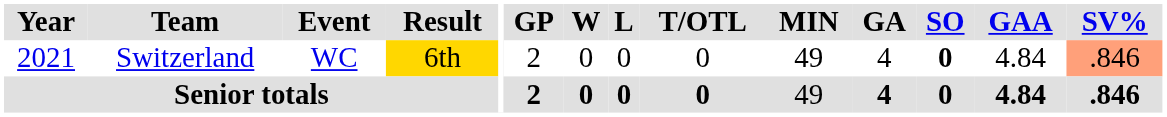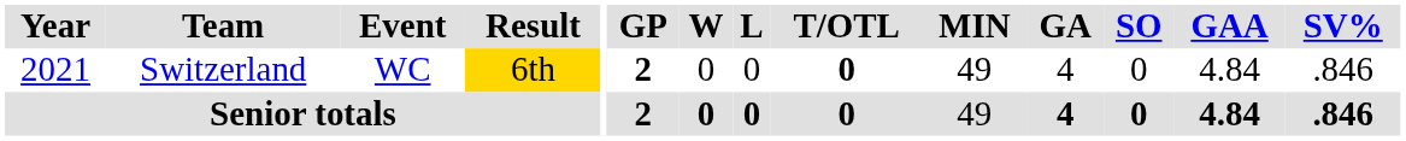 <table border="0" cellpadding="1" cellspacing="0" ID="Table3" style="text-align:center; width:40em">
 <tr ALIGN="center" bgcolor="#e0e0e0">
 <th>Year</th>
 <th>Team</th>
 <th>Event</th>
 <th>Result</th>
 <th rowspan="99" bgcolor="#ffffff"></th>
 <th>GP</th>
 <th>W</th>
 <th>L</th>
 <th>T/OTL</th>
 <th>MIN</th>
 <th>GA</th>
 <th><a href='#'>SO</a></th>
 <th><a href='#'>GAA</a></th>
 <th><a href='#'>SV%</a></th>
 </tr>
 <tr>
 <td><a href='#'>2021</a></td>
 <td><a href='#'>Switzerland</a></td>
 <td><a href='#'>WC</a></td>
 <td style="background: gold;">6th</td>
-<td>2</td>
+<td><strong>2</strong></td>
 <td>0</td>
 <td>0</td>
-<td>0</td>
+<td><strong>0</strong></td>
 <td>49</td>
 <td>4</td>
-<td><strong>0</strong></td>
+<td>0</td>
 <td>4.84</td>
-<td style="background: lightsalmon;">.846</td>
+<td>.846</td>
 </tr>
 <tr bgcolor="#e0e0e0">
 <th colspan="4" align="center">Senior totals</th>
 <th>2</th>
 <th>0</th>
 <th>0</th>
 <th>0</th>
 <td>49</td>
 <th>4</th>
 <th>0</th>
 <th>4.84</th>
 <th>.846</th>
 </tr>
 </table>
